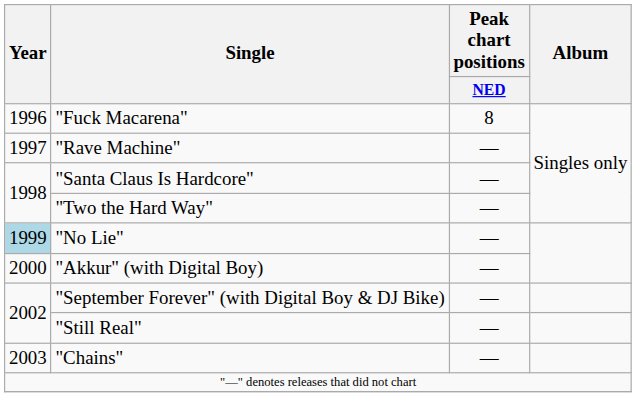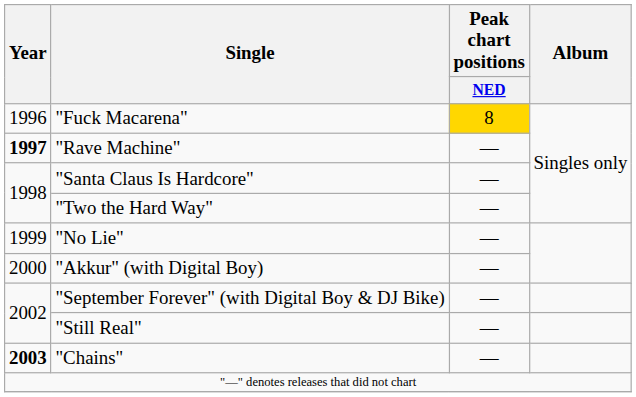 <table class="wikitable" style="text-align:center;">
 <tr>
 <th rowspan="2">Year</th>
 <th rowspan="2">Single</th>
 <th colspan="1">Peak chart positions</th>
 <th rowspan="2">Album</th>
 </tr>
 <tr style="font-size:smaller;">
 <th width="35"><a href='#'>NED</a><br></th>
 </tr>
 <tr>
 <td>1996</td>
 <td align="left">"Fuck Macarena"</td>
-<td>8</td>
+<td style="background: gold;">8</td>
 <td align="left" rowspan="4">Singles only</td>
 </tr>
 <tr>
-<td>1997</td>
+<td><strong>1997</strong></td>
 <td align="left">"Rave Machine"</td>
 <td>—</td>
 </tr>
 <tr>
 <td rowspan=2>1998</td>
 <td align="left">"Santa Claus Is Hardcore"</td>
 <td>—</td>
 </tr>
 <tr>
 <td align="left">"Two the Hard Way"</td>
 <td>—</td>
 </tr>
 <tr>
-<td style="background: lightblue;">1999</td>
+<td>1999</td>
 <td align="left">"No Lie"</td>
 <td>—</td>
 </tr>
 <tr>
 <td>2000</td>
 <td align="left">"Akkur" (with Digital Boy)</td>
 <td>—</td>
 </tr>
 <tr>
 <td rowspan="2">2002</td>
 <td align="left">"September Forever" (with Digital Boy & DJ Bike)</td>
 <td>—</td>
 <td></td>
 </tr>
 <tr>
 <td align="left">"Still Real"</td>
 <td>—</td>
 </tr>
 <tr>
-<td>2003</td>
+<td><strong>2003</strong></td>
 <td align="left">"Chains"</td>
 <td>—</td>
 <td></td>
 </tr>
 <tr>
 <td colspan="13" style="font-size:8pt">"—" denotes releases that did not chart</td>
 </tr>
 <tr>
 </tr>
 </table>
